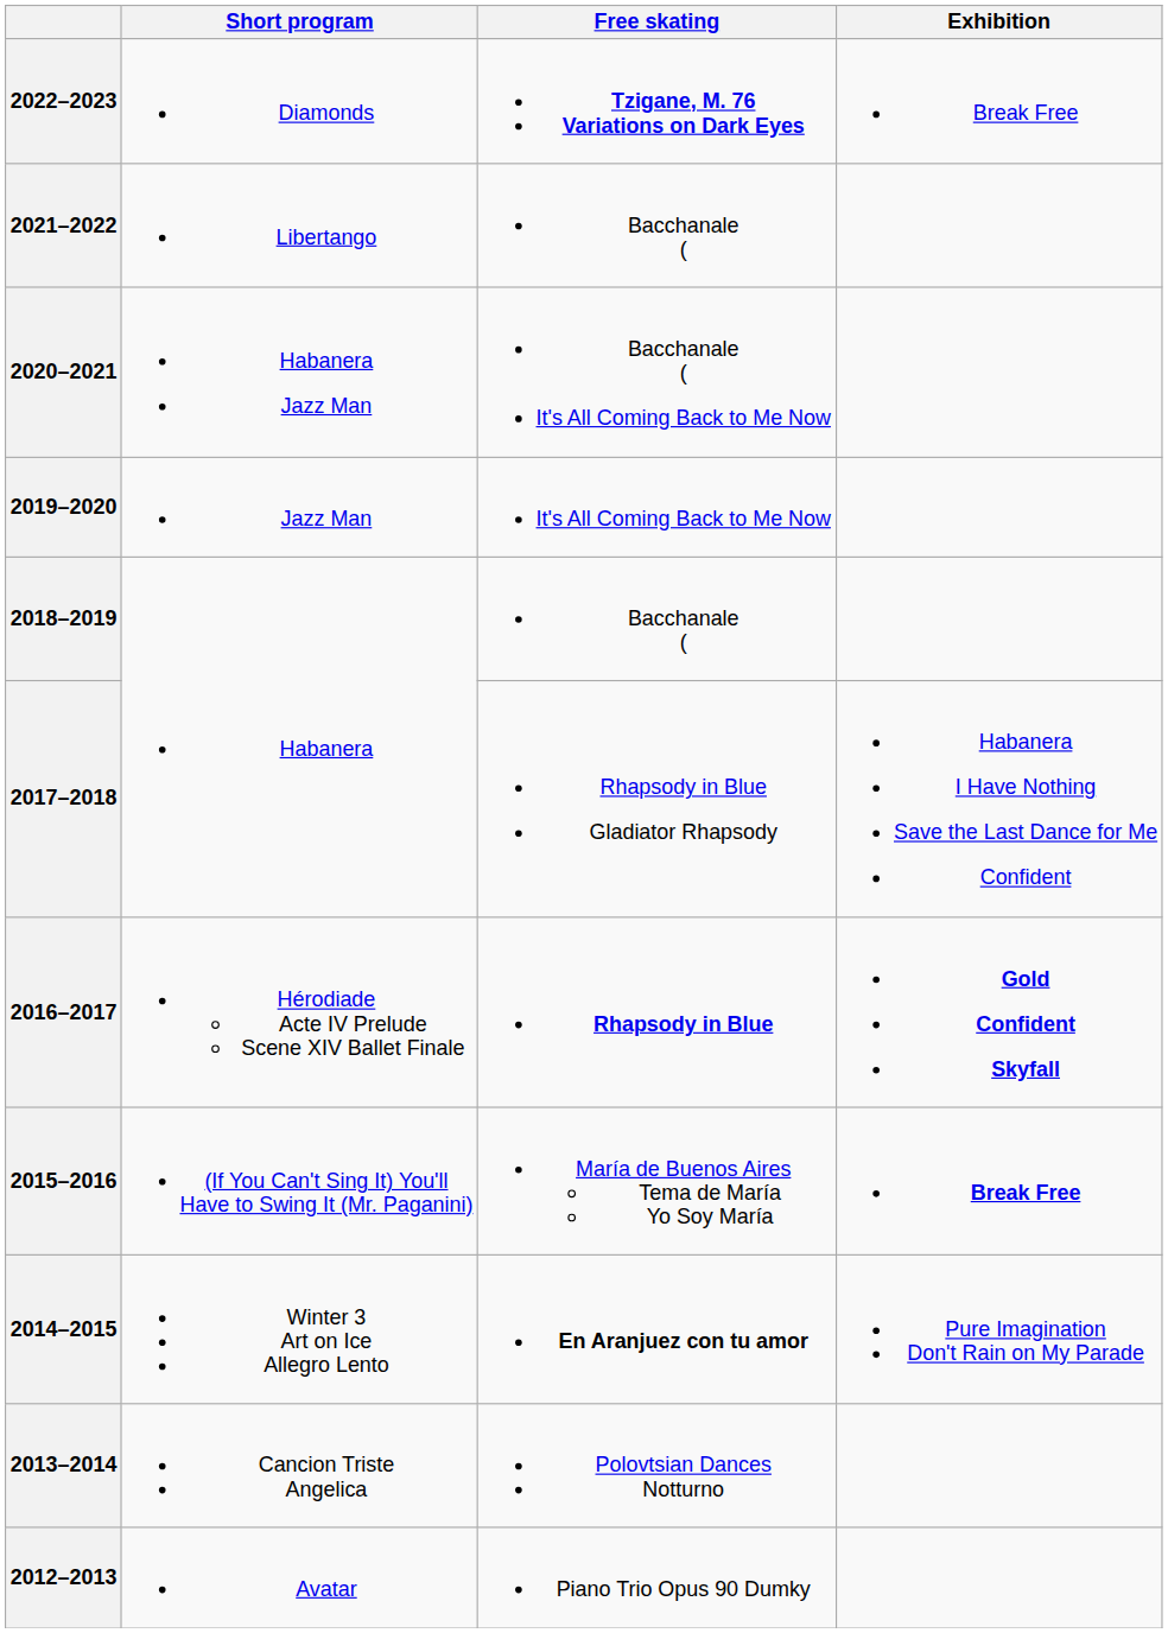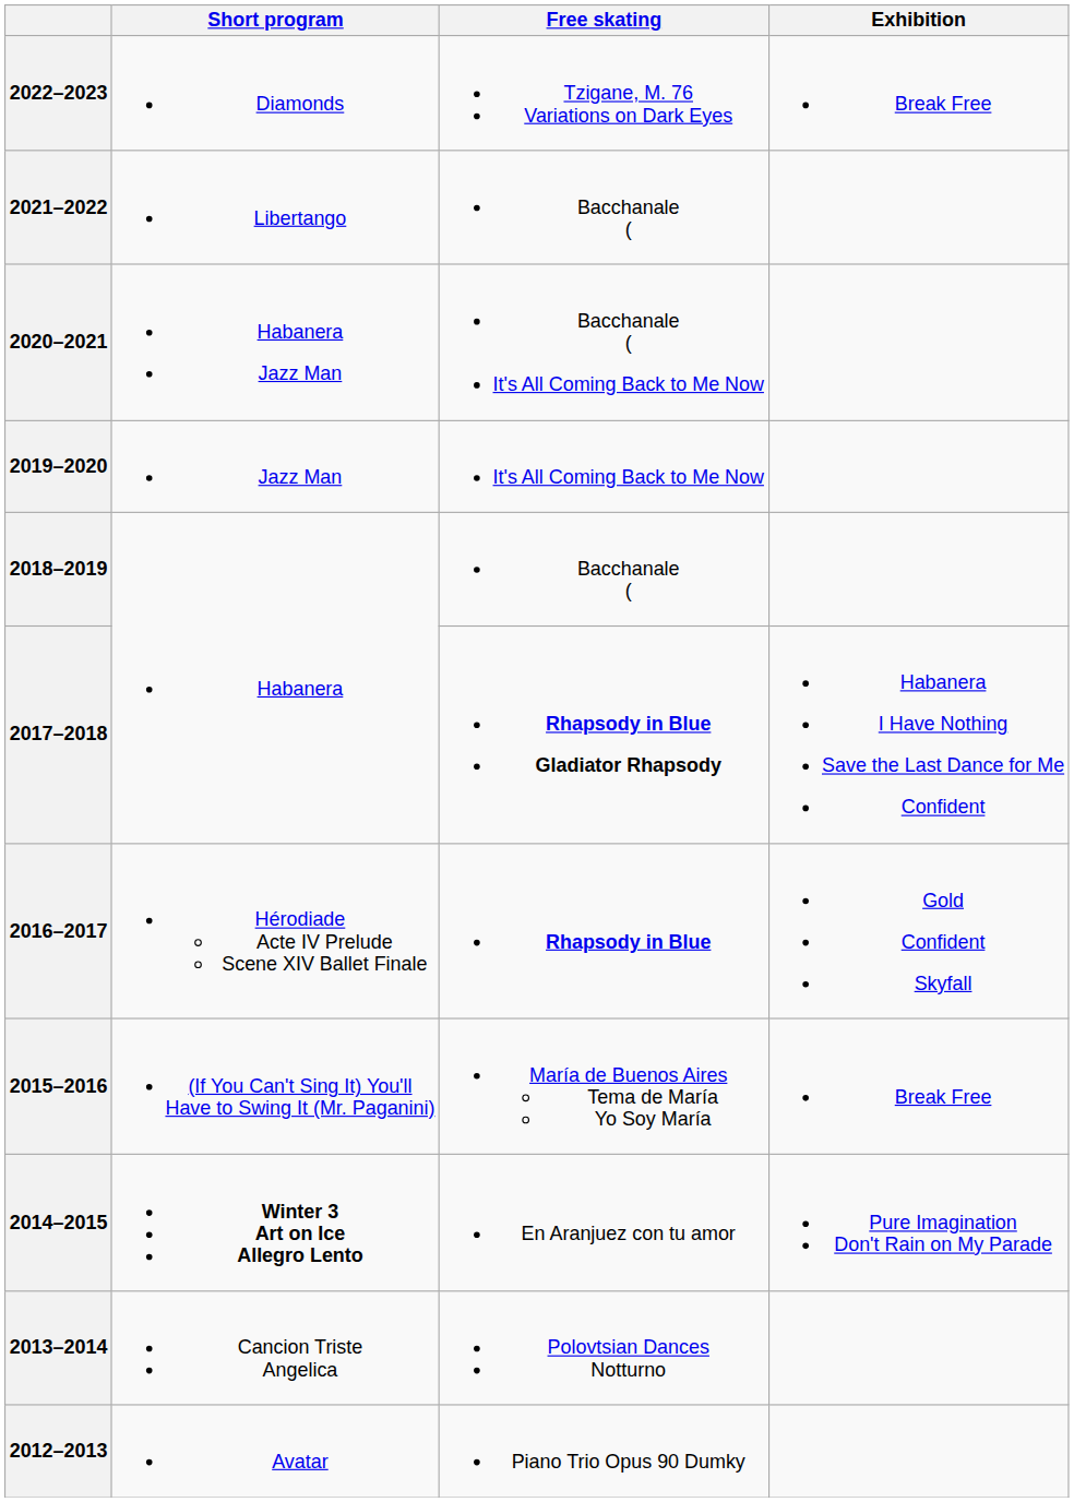 <table class=wikitable style=text-align:center>
 <tr>
 <th></th>
 <th><a href='#'>Short program</a></th>
 <th><a href='#'>Free skating</a></th>
 <th>Exhibition</th>
 </tr>
 <tr>
 <th><strong>2022–2023</strong> <br></th>
 <td><br><ul><li><a href='#'>Diamonds</a> <br></li></ul></td>
-<td><strong><br><ul><li><a href='#'> Tzigane, M. 76</a> <br></li><li><a href='#'>Variations on Dark Eyes</a> <br> </li></ul></strong></td>
+<td><br><ul><li><a href='#'> Tzigane, M. 76</a> <br></li><li><a href='#'>Variations on Dark Eyes</a> <br> </li></ul></td>
 <td><br><ul><li><a href='#'>Break Free</a> <br></li></ul></td>
 </tr>
 <tr>
 <th><strong>2021–2022</strong><br></th>
 <td><br><ul><li><a href='#'>Libertango</a> <br></li></ul></td>
 <td><br><ul><li>Bacchanale <br> (</li></ul></td>
 <td></td>
 </tr>
 <tr>
 <th><strong>2020–2021</strong><br></th>
 <td><br><ul><li><a href='#'>Habanera</a> <br></li></ul><ul><li><a href='#'>Jazz Man</a> <br> </li></ul></td>
 <td><br><ul><li>Bacchanale <br> (</li></ul><ul><li><a href='#'>It's All Coming Back to Me Now</a> <br> </li></ul></td>
 <td></td>
 </tr>
 <tr>
 <th><strong>2019–2020</strong><br></th>
 <td><br><ul><li><a href='#'>Jazz Man</a> <br> </li></ul></td>
 <td><br><ul><li><a href='#'>It's All Coming Back to Me Now</a> <br> </li></ul></td>
 <td></td>
 </tr>
 <tr>
 <th>2018–2019<br></th>
 <td rowspan=2><br><ul><li><a href='#'>Habanera</a> <br></li></ul></td>
 <td><br><ul><li>Bacchanale <br> (</li></ul></td>
 <td></td>
 </tr>
 <tr>
 <th>2017–2018<br></th>
-<td><br><ul><li><a href='#'>Rhapsody in Blue</a> <br></li></ul><ul><li>Gladiator Rhapsody <br></li></ul></td>
+<td><strong><br><ul><li><a href='#'>Rhapsody in Blue</a> <br></li></ul><ul><li>Gladiator Rhapsody <br></li></ul></strong></td>
 <td><br><ul><li><a href='#'>Habanera</a> <br></li></ul><ul><li><a href='#'>I Have Nothing</a> <br></li></ul><ul><li><a href='#'>Save the Last Dance for Me</a> <br></li></ul><ul><li><a href='#'>Confident</a><br></li></ul></td>
 </tr>
 <tr>
 <th>2016–2017 <br></th>
 <td><br><ul><li><a href='#'>Hérodiade</a><ul><li>Acte IV Prelude</li><li>Scene XIV Ballet Finale <br></li></ul></li></ul></td>
 <td><strong><br><ul><li><a href='#'>Rhapsody in Blue</a> <br></li></ul></strong></td>
-<td><strong><br><ul><li><a href='#'>Gold</a> <br></li></ul><ul><li><a href='#'>Confident</a> <br></li></ul><ul><li><a href='#'>Skyfall</a> <br></li></ul></strong></td>
+<td><br><ul><li><a href='#'>Gold</a> <br></li></ul><ul><li><a href='#'>Confident</a> <br></li></ul><ul><li><a href='#'>Skyfall</a> <br></li></ul></td>
 </tr>
 <tr>
 <th>2015–2016 <br></th>
 <td><br><ul><li><a href='#'>(If You Can't Sing It) You'll <br> Have to Swing It (Mr. Paganini)</a> <br></li></ul></td>
 <td><br><ul><li><a href='#'>María de Buenos Aires</a><ul><li>Tema de María</li><li>Yo Soy María <br></li></ul></li></ul></td>
-<td><strong><br><ul><li><a href='#'>Break Free</a> <br></li></ul></strong></td>
+<td><br><ul><li><a href='#'>Break Free</a> <br></li></ul></td>
 </tr>
 <tr>
 <th>2014–2015 <br></th>
-<td><br><ul><li>Winter 3 <br></li><li>Art on Ice <br></li><li>Allegro Lento <br></li></ul></td>
-<td><strong><br><ul><li>En Aranjuez con tu amor <br></li></ul></strong></td>
+<td><strong><br><ul><li>Winter 3 <br></li><li>Art on Ice <br></li><li>Allegro Lento <br></li></ul></strong></td>
+<td><br><ul><li>En Aranjuez con tu amor <br></li></ul></td>
 <td><br><ul><li><a href='#'>Pure Imagination</a> <br></li><li><a href='#'>Don't Rain on My Parade</a> <br></li></ul></td>
 </tr>
 <tr>
 <th>2013–2014 <br></th>
 <td><br><ul><li>Cancion Triste <br></li><li>Angelica <br></li></ul></td>
 <td><br><ul><li><a href='#'>Polovtsian Dances</a> <br></li><li>Notturno <br></li></ul></td>
 <td></td>
 </tr>
 <tr>
 <th>2012–2013 <br></th>
 <td><br><ul><li><a href='#'>Avatar</a> <br></li></ul></td>
 <td><br><ul><li>Piano Trio Opus 90 Dumky <br></li></ul></td>
 <td></td>
 </tr>
 </table>
